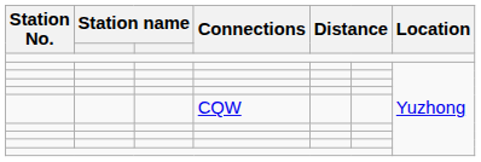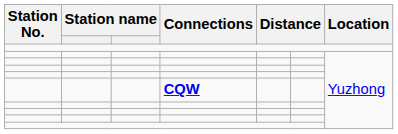 <table class="wikitable">
 <tr>
 <th rowspan="2">Station<br>No.</th>
 <th colspan="2">Station name</th>
 <th rowspan="2">Connections</th>
 <th colspan="2" rowspan="2">Distance<br></th>
 <th colspan="2" rowspan="2">Location</th>
 </tr>
 <tr>
 <th></th>
 <th></th>
 </tr>
 <tr style="background:#">
 <td colspan = "10"></td>
 </tr>
 <tr>
 <td></td>
 <td><em></em></td>
 <td></td>
 <td> </td>
 <td></td>
 <td></td>
 <td rowspan="9"><a href='#'>Yuzhong</a></td>
 </tr>
 <tr>
 <td></td>
 <td><em></em></td>
 <td></td>
 <td></td>
 <td></td>
 <td></td>
 </tr>
 <tr>
 <td></td>
 <td><em></em></td>
 <td></td>
 <td></td>
 <td></td>
 <td></td>
 </tr>
 <tr>
 <td></td>
 <td><em></em></td>
 <td></td>
 <td>  </td>
 <td></td>
 <td></td>
 </tr>
 <tr>
 <td></td>
 <td><em></em></td>
 <td></td>
-<td>   <a href='#'>CQW</a></td>
+<td><strong>   <a href='#'>CQW</a></strong></td>
 <td></td>
 <td></td>
 </tr>
 <tr>
 <td></td>
 <td><em></em></td>
 <td></td>
 <td></td>
 <td></td>
 <td></td>
 </tr>
 <tr>
 <td></td>
 <td><em></em></td>
 <td></td>
 <td></td>
 <td></td>
 <td></td>
 </tr>
 <tr>
 <td></td>
 <td><em></em></td>
 <td></td>
 <td></td>
 <td></td>
 <td></td>
 </tr>
 <tr style="background:#">
 <td colspan = "10"></td>
 </tr>
 </table>
